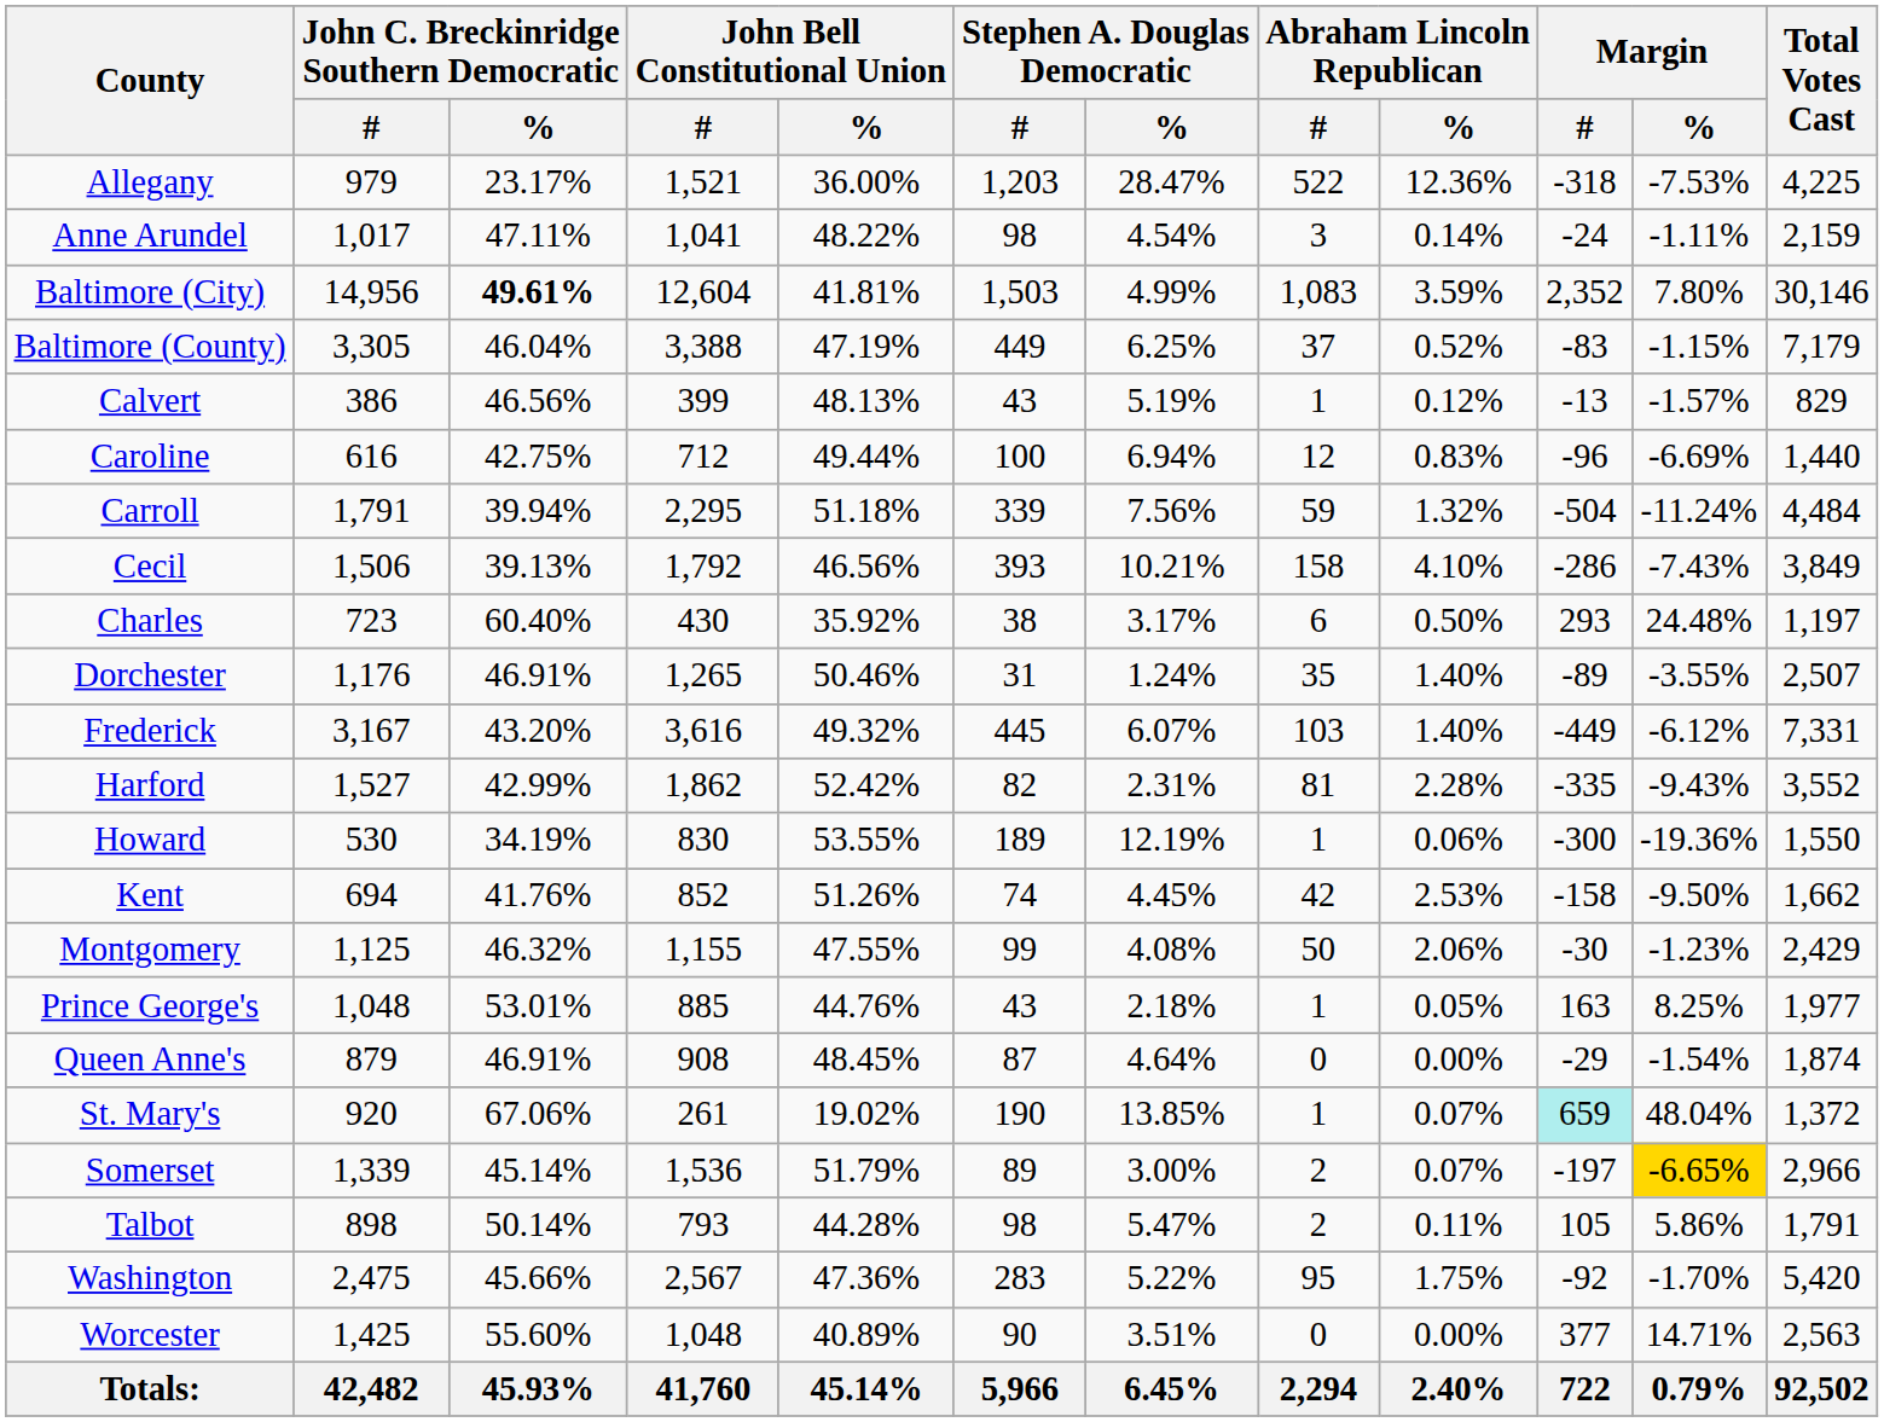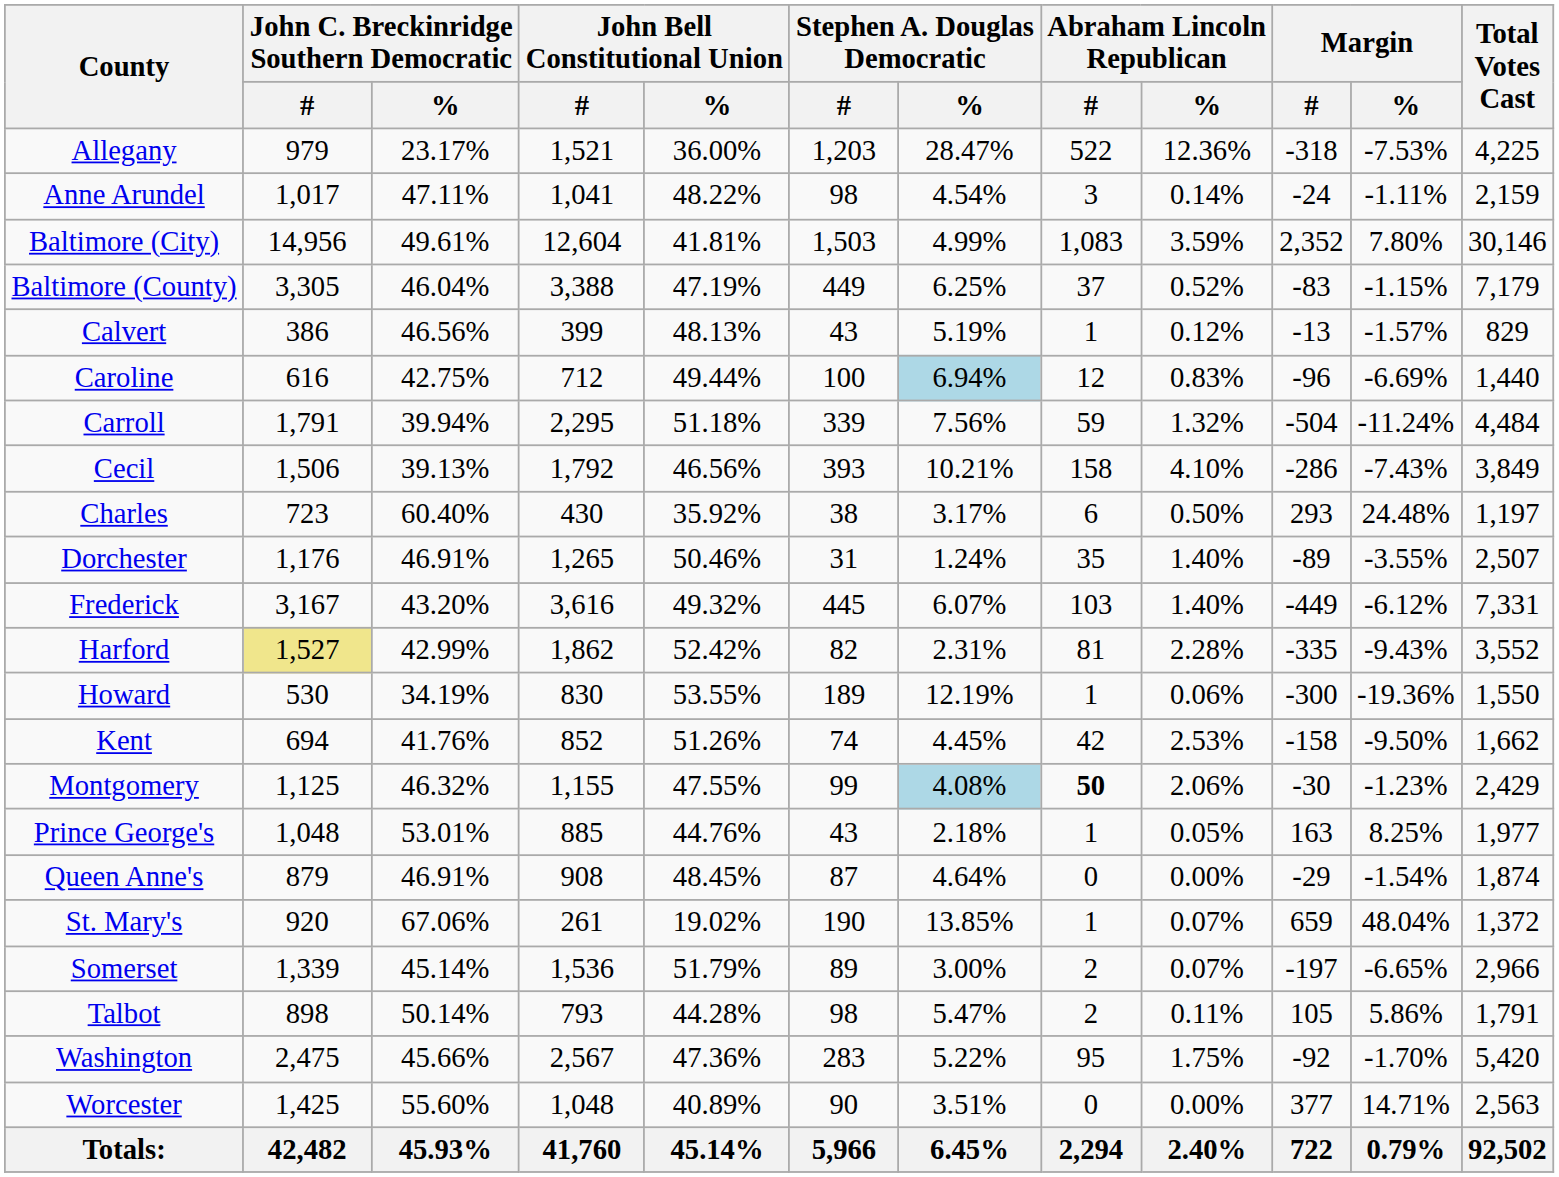 <table class="wikitable sortable">
 <tr>
 <th rowspan="2">County</th>
 <th colspan="2">John C. Breckinridge<br>Southern Democratic</th>
 <th colspan="2">John Bell<br>Constitutional Union</th>
 <th colspan="2">Stephen A. Douglas<br>Democratic</th>
 <th colspan="2">Abraham Lincoln<br>Republican</th>
 <th colspan="2">Margin</th>
 <th rowspan="2">Total<br>Votes<br>Cast </th>
 </tr>
 <tr>
 <th>#</th>
 <th>%</th>
 <th>#</th>
 <th>%</th>
 <th>#</th>
 <th>%</th>
 <th>#</th>
 <th>%</th>
 <th>#</th>
 <th>%</th>
 </tr>
 <tr style="text-align:center;">
 <td><a href='#'>Allegany</a></td>
 <td>979</td>
 <td>23.17%</td>
 <td>1,521</td>
 <td>36.00%</td>
 <td>1,203</td>
 <td>28.47%</td>
 <td>522</td>
 <td>12.36%</td>
 <td>-318</td>
 <td>-7.53%</td>
 <td>4,225</td>
 </tr>
 <tr style="text-align:center;">
 <td><a href='#'>Anne Arundel</a></td>
 <td>1,017</td>
 <td>47.11%</td>
 <td>1,041</td>
 <td>48.22%</td>
 <td>98</td>
 <td>4.54%</td>
 <td>3</td>
 <td>0.14%</td>
 <td>-24</td>
 <td>-1.11%</td>
 <td>2,159</td>
 </tr>
 <tr style="text-align:center;">
 <td><a href='#'>Baltimore (City)</a></td>
 <td>14,956</td>
-<td><strong>49.61%</strong></td>
+<td>49.61%</td>
 <td>12,604</td>
 <td>41.81%</td>
 <td>1,503</td>
 <td>4.99%</td>
 <td>1,083</td>
 <td>3.59%</td>
 <td>2,352</td>
 <td>7.80%</td>
 <td>30,146</td>
 </tr>
 <tr style="text-align:center;">
 <td><a href='#'>Baltimore (County)</a></td>
 <td>3,305</td>
 <td>46.04%</td>
 <td>3,388</td>
 <td>47.19%</td>
 <td>449</td>
 <td>6.25%</td>
 <td>37</td>
 <td>0.52%</td>
 <td>-83</td>
 <td>-1.15%</td>
 <td>7,179</td>
 </tr>
 <tr style="text-align:center;">
 <td><a href='#'>Calvert</a></td>
 <td>386</td>
 <td>46.56%</td>
 <td>399</td>
 <td>48.13%</td>
 <td>43</td>
 <td>5.19%</td>
 <td>1</td>
 <td>0.12%</td>
 <td>-13</td>
 <td>-1.57%</td>
 <td>829</td>
 </tr>
 <tr style="text-align:center;">
 <td><a href='#'>Caroline</a></td>
 <td>616</td>
 <td>42.75%</td>
 <td>712</td>
 <td>49.44%</td>
 <td>100</td>
-<td>6.94%</td>
+<td style="background: lightblue;">6.94%</td>
 <td>12</td>
 <td>0.83%</td>
 <td>-96</td>
 <td>-6.69%</td>
 <td>1,440</td>
 </tr>
 <tr style="text-align:center;">
 <td><a href='#'>Carroll</a></td>
 <td>1,791</td>
 <td>39.94%</td>
 <td>2,295</td>
 <td>51.18%</td>
 <td>339</td>
 <td>7.56%</td>
 <td>59</td>
 <td>1.32%</td>
 <td>-504</td>
 <td>-11.24%</td>
 <td>4,484</td>
 </tr>
 <tr style="text-align:center;">
 <td><a href='#'>Cecil</a></td>
 <td>1,506</td>
 <td>39.13%</td>
 <td>1,792</td>
 <td>46.56%</td>
 <td>393</td>
 <td>10.21%</td>
 <td>158</td>
 <td>4.10%</td>
 <td>-286</td>
 <td>-7.43%</td>
 <td>3,849</td>
 </tr>
 <tr style="text-align:center;">
 <td><a href='#'>Charles</a></td>
 <td>723</td>
 <td>60.40%</td>
 <td>430</td>
 <td>35.92%</td>
 <td>38</td>
 <td>3.17%</td>
 <td>6</td>
 <td>0.50%</td>
 <td>293</td>
 <td>24.48%</td>
 <td>1,197</td>
 </tr>
 <tr style="text-align:center;">
 <td><a href='#'>Dorchester</a></td>
 <td>1,176</td>
 <td>46.91%</td>
 <td>1,265</td>
 <td>50.46%</td>
 <td>31</td>
 <td>1.24%</td>
 <td>35</td>
 <td>1.40%</td>
 <td>-89</td>
 <td>-3.55%</td>
 <td>2,507</td>
 </tr>
 <tr style="text-align:center;">
 <td><a href='#'>Frederick</a></td>
 <td>3,167</td>
 <td>43.20%</td>
 <td>3,616</td>
 <td>49.32%</td>
 <td>445</td>
 <td>6.07%</td>
 <td>103</td>
 <td>1.40%</td>
 <td>-449</td>
 <td>-6.12%</td>
 <td>7,331</td>
 </tr>
 <tr style="text-align:center;">
 <td><a href='#'>Harford</a></td>
-<td>1,527</td>
+<td style="background: khaki;">1,527</td>
 <td>42.99%</td>
 <td>1,862</td>
 <td>52.42%</td>
 <td>82</td>
 <td>2.31%</td>
 <td>81</td>
 <td>2.28%</td>
 <td>-335</td>
 <td>-9.43%</td>
 <td>3,552</td>
 </tr>
 <tr style="text-align:center;">
 <td><a href='#'>Howard</a></td>
 <td>530</td>
 <td>34.19%</td>
 <td>830</td>
 <td>53.55%</td>
 <td>189</td>
 <td>12.19%</td>
 <td>1</td>
 <td>0.06%</td>
 <td>-300</td>
 <td>-19.36%</td>
 <td>1,550</td>
 </tr>
 <tr style="text-align:center;">
 <td><a href='#'>Kent</a></td>
 <td>694</td>
 <td>41.76%</td>
 <td>852</td>
 <td>51.26%</td>
 <td>74</td>
 <td>4.45%</td>
 <td>42</td>
 <td>2.53%</td>
 <td>-158</td>
 <td>-9.50%</td>
 <td>1,662</td>
 </tr>
 <tr style="text-align:center;">
 <td><a href='#'>Montgomery</a></td>
 <td>1,125</td>
 <td>46.32%</td>
 <td>1,155</td>
 <td>47.55%</td>
 <td>99</td>
-<td>4.08%</td>
-<td>50</td>
+<td style="background: lightblue;">4.08%</td>
+<td><strong>50</strong></td>
 <td>2.06%</td>
 <td>-30</td>
 <td>-1.23%</td>
 <td>2,429</td>
 </tr>
 <tr style="text-align:center;">
 <td><a href='#'>Prince George's</a></td>
 <td>1,048</td>
 <td>53.01%</td>
 <td>885</td>
 <td>44.76%</td>
 <td>43</td>
 <td>2.18%</td>
 <td>1</td>
 <td>0.05%</td>
 <td>163</td>
 <td>8.25%</td>
 <td>1,977</td>
 </tr>
 <tr style="text-align:center;">
 <td><a href='#'>Queen Anne's</a></td>
 <td>879</td>
 <td>46.91%</td>
 <td>908</td>
 <td>48.45%</td>
 <td>87</td>
 <td>4.64%</td>
 <td>0</td>
 <td>0.00%</td>
 <td>-29</td>
 <td>-1.54%</td>
 <td>1,874</td>
 </tr>
 <tr style="text-align:center;">
 <td><a href='#'>St. Mary's</a></td>
 <td>920</td>
 <td>67.06%</td>
 <td>261</td>
 <td>19.02%</td>
 <td>190</td>
 <td>13.85%</td>
 <td>1</td>
 <td>0.07%</td>
-<td style="background: paleturquoise;">659</td>
+<td>659</td>
 <td>48.04%</td>
 <td>1,372</td>
 </tr>
 <tr style="text-align:center;">
 <td><a href='#'>Somerset</a></td>
 <td>1,339</td>
 <td>45.14%</td>
 <td>1,536</td>
 <td>51.79%</td>
 <td>89</td>
 <td>3.00%</td>
 <td>2</td>
 <td>0.07%</td>
 <td>-197</td>
-<td style="background: gold;">-6.65%</td>
+<td>-6.65%</td>
 <td>2,966</td>
 </tr>
 <tr style="text-align:center;">
 <td><a href='#'>Talbot</a></td>
 <td>898</td>
 <td>50.14%</td>
 <td>793</td>
 <td>44.28%</td>
 <td>98</td>
 <td>5.47%</td>
 <td>2</td>
 <td>0.11%</td>
 <td>105</td>
 <td>5.86%</td>
 <td>1,791</td>
 </tr>
 <tr style="text-align:center;">
 <td><a href='#'>Washington</a></td>
 <td>2,475</td>
 <td>45.66%</td>
 <td>2,567</td>
 <td>47.36%</td>
 <td>283</td>
 <td>5.22%</td>
 <td>95</td>
 <td>1.75%</td>
 <td>-92</td>
 <td>-1.70%</td>
 <td>5,420</td>
 </tr>
 <tr style="text-align:center;">
 <td><a href='#'>Worcester</a></td>
 <td>1,425</td>
 <td>55.60%</td>
 <td>1,048</td>
 <td>40.89%</td>
 <td>90</td>
 <td>3.51%</td>
 <td>0</td>
 <td>0.00%</td>
 <td>377</td>
 <td>14.71%</td>
 <td>2,563</td>
 </tr>
 <tr style="text-align:center;">
 <th>Totals:</th>
 <th>42,482</th>
 <th>45.93%</th>
 <th>41,760</th>
 <th>45.14%</th>
 <th>5,966</th>
 <th>6.45%</th>
 <th>2,294</th>
 <th>2.40%</th>
 <th>722</th>
 <th>0.79%</th>
 <th>92,502</th>
 </tr>
 </table>
